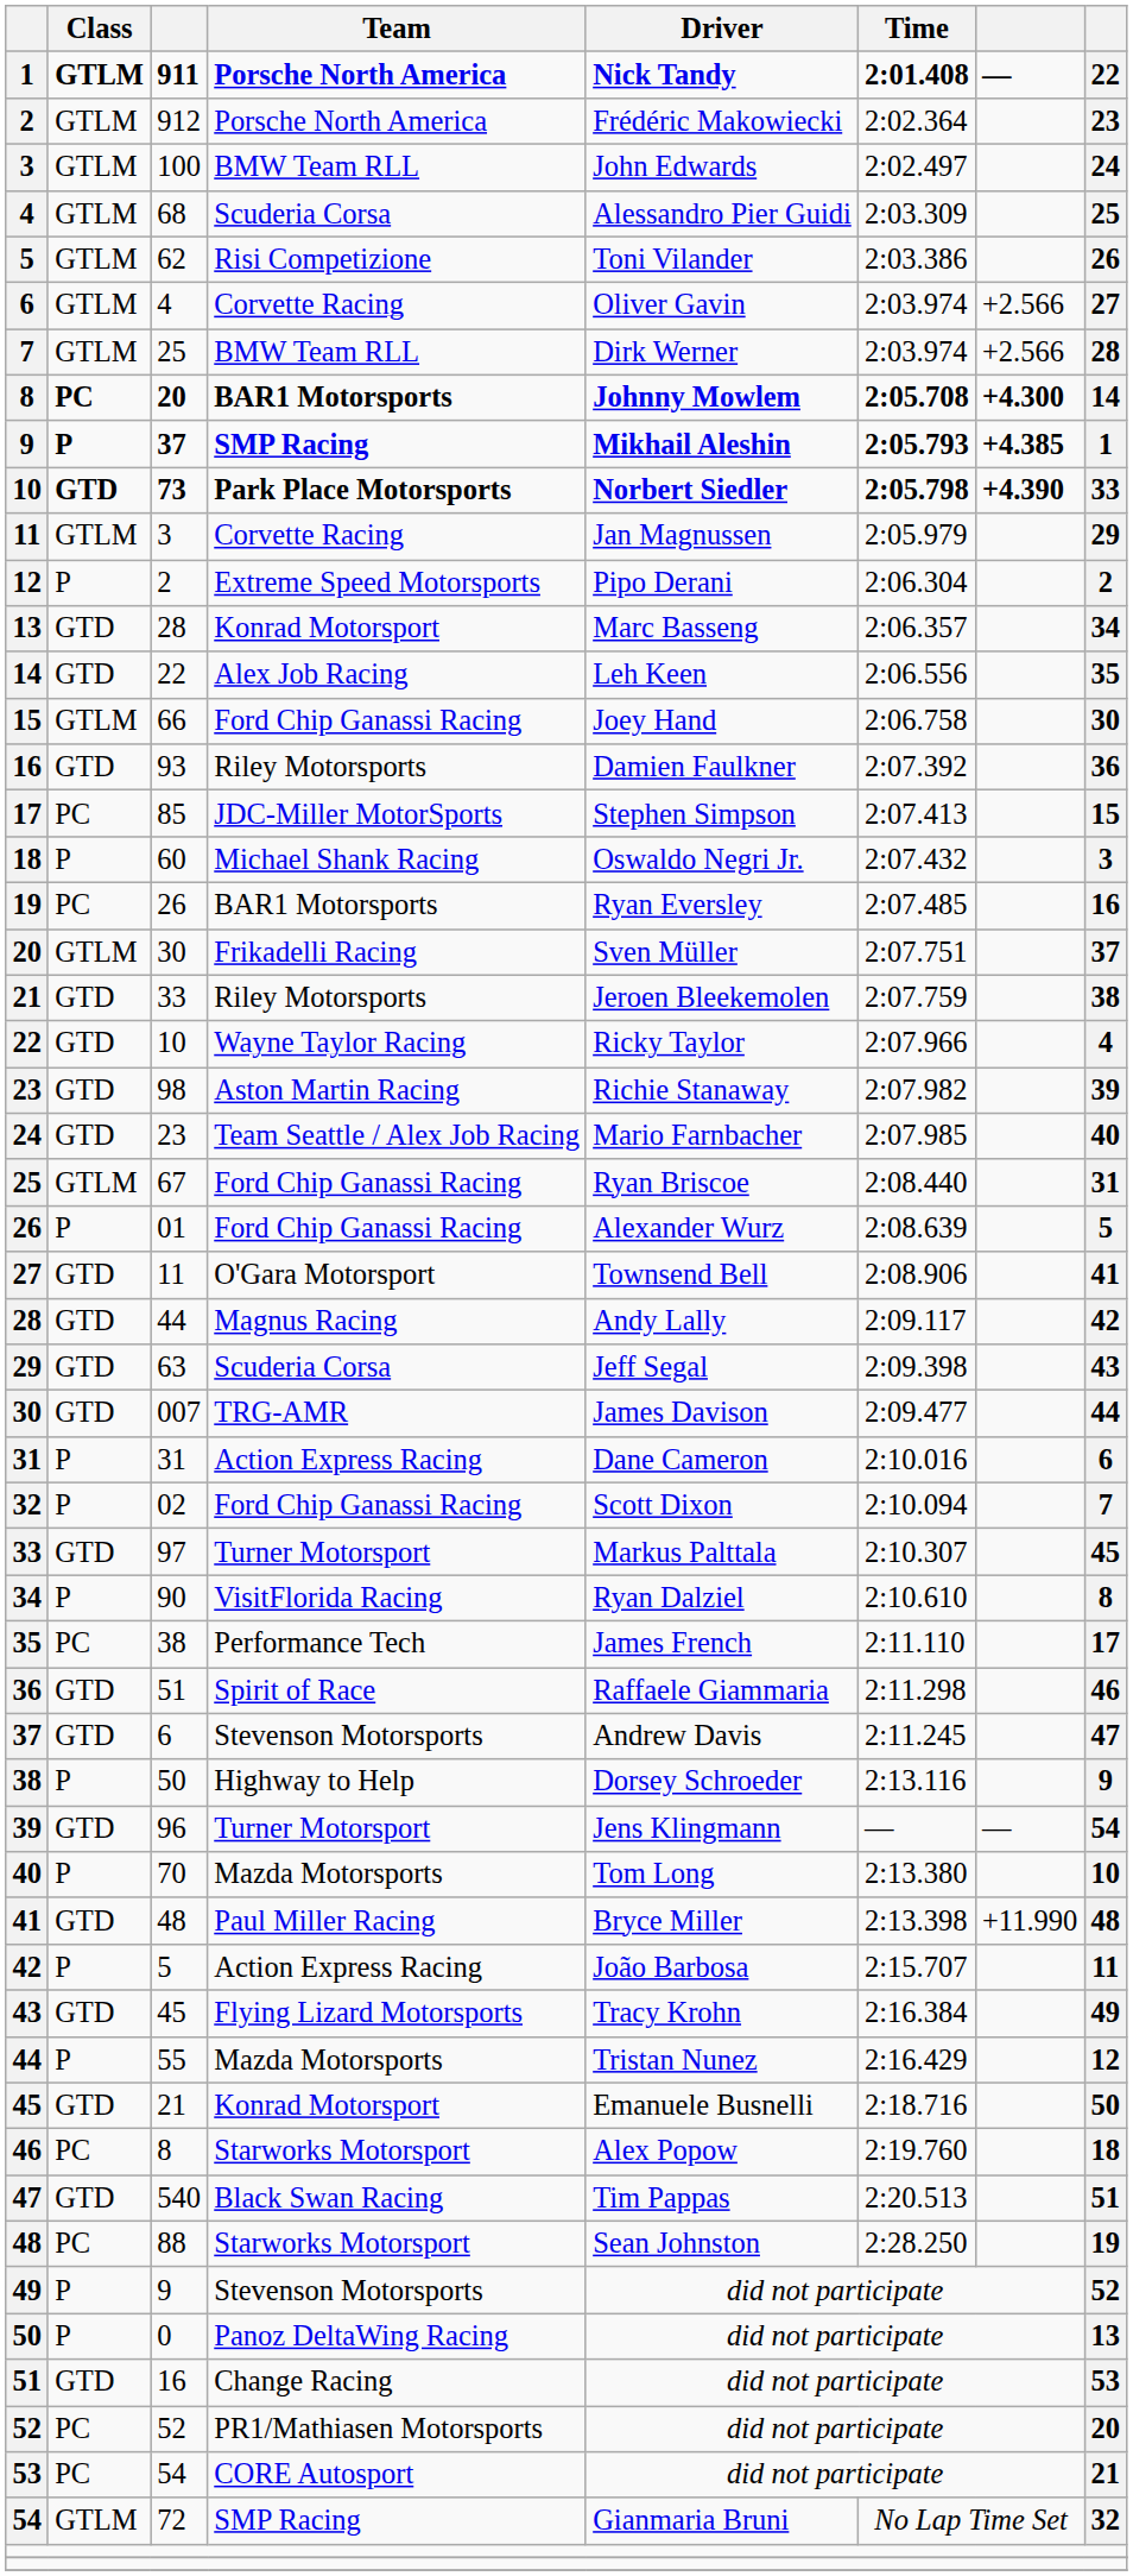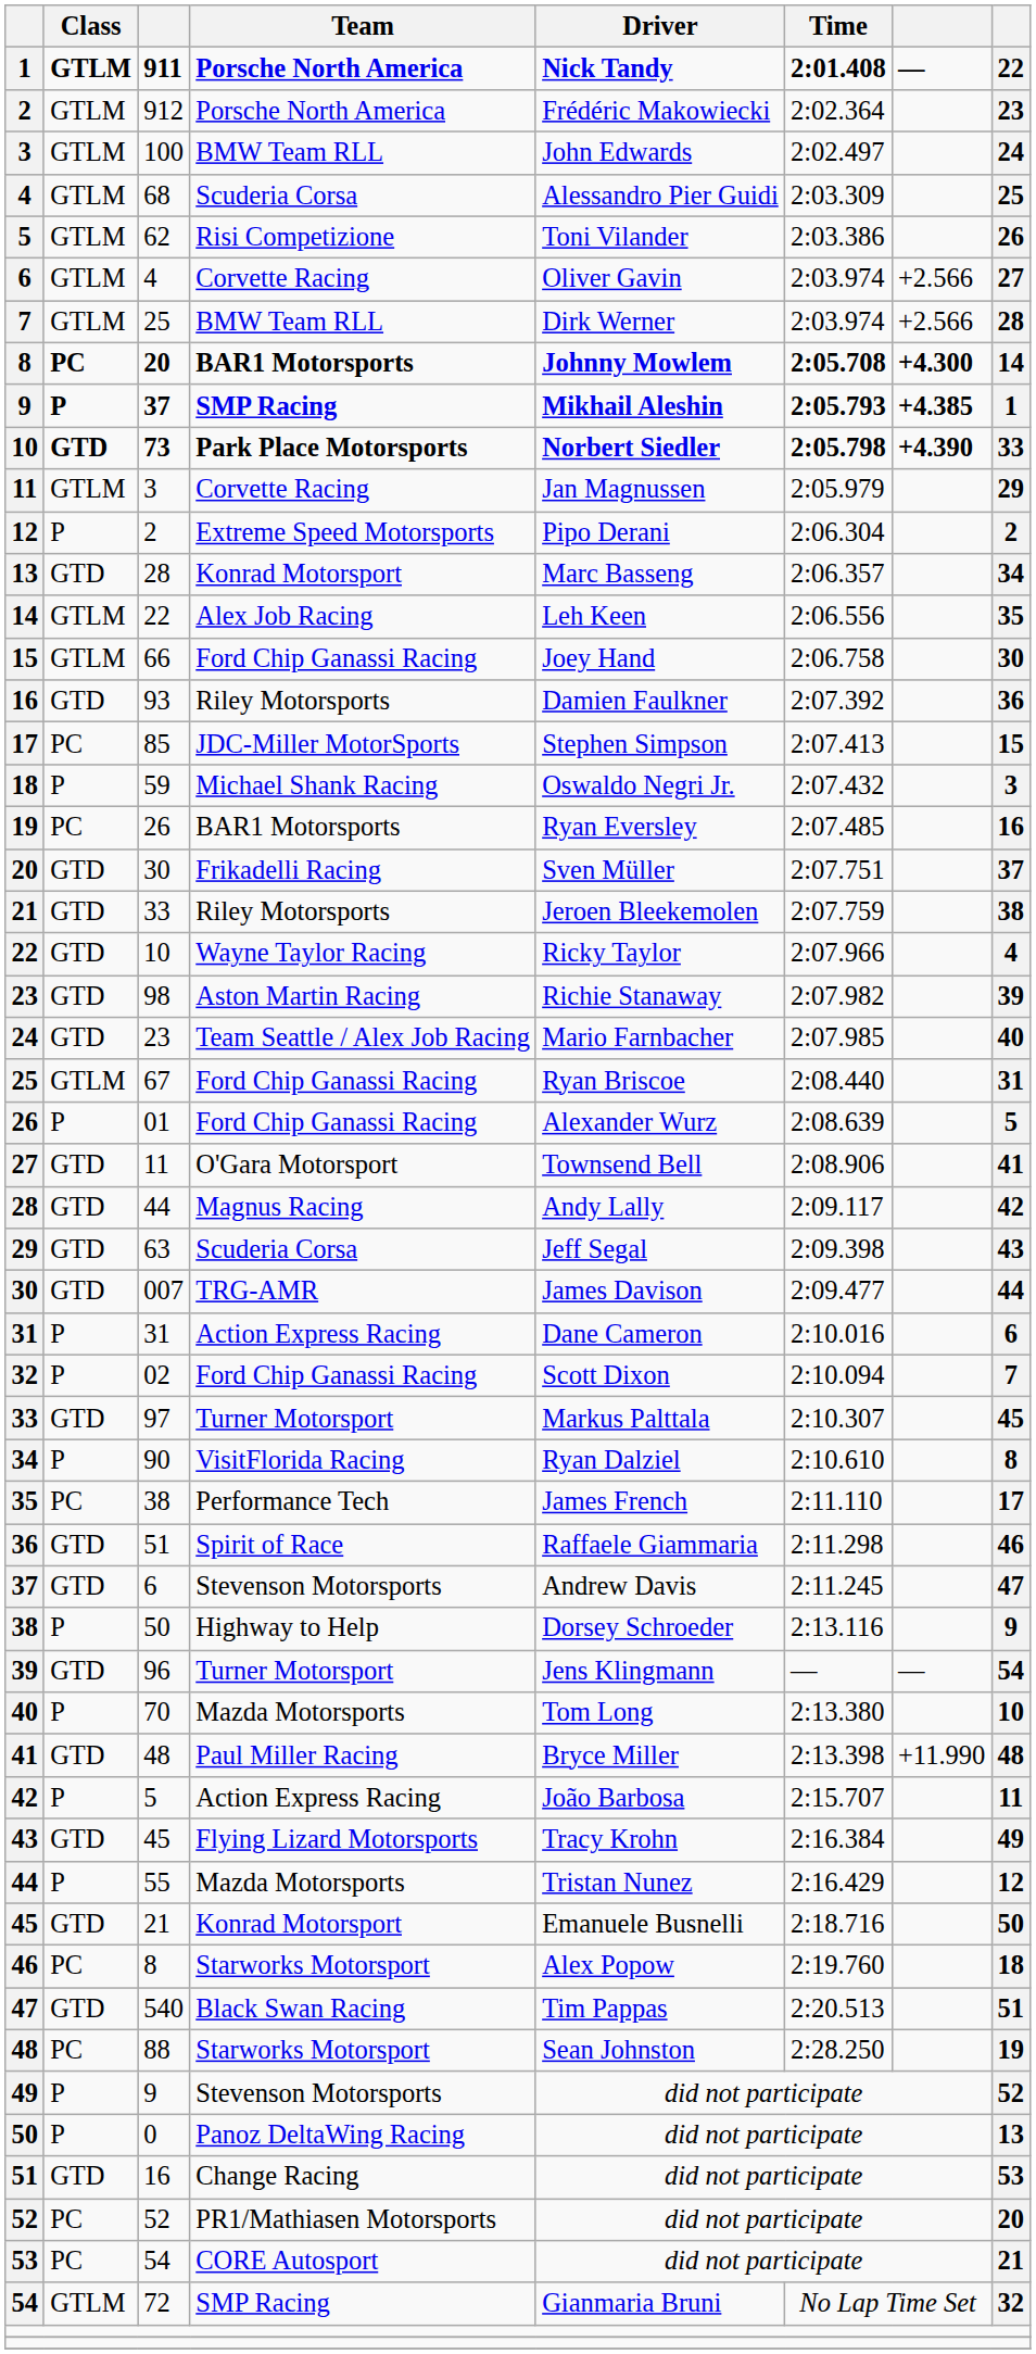 <table class="wikitable" ">
 <tr>
 <th scope="col"></th>
 <th scope="col">Class</th>
 <th scope="col"></th>
 <th scope="col">Team</th>
 <th scope="col">Driver</th>
 <th scope="col">Time</th>
 <th scope="col"></th>
 <th scope="col"></th>
 </tr>
 <tr>
 <th scope="row"><strong>1</strong></th>
 <td><strong>GTLM</strong></td>
 <td><strong>911</strong></td>
 <td><a href='#'><strong>Porsche North America</strong></a></td>
 <td><strong><a href='#'>Nick Tandy</a></strong></td>
 <td><strong>2:01.408</strong></td>
 <td><strong>—</strong></td>
 <th><strong>22</strong></th>
 </tr>
 <tr>
 <th scope="row">2</th>
 <td>GTLM</td>
 <td>912</td>
 <td><a href='#'>Porsche North America</a></td>
 <td><a href='#'>Frédéric Makowiecki</a></td>
 <td>2:02.364</td>
 <td></td>
 <th>23</th>
 </tr>
 <tr>
 <th scope="row">3</th>
 <td>GTLM</td>
 <td>100</td>
 <td><a href='#'>BMW Team RLL</a></td>
 <td><a href='#'>John Edwards</a></td>
 <td>2:02.497</td>
 <td></td>
 <th>24</th>
 </tr>
 <tr>
 <th scope="row">4</th>
 <td>GTLM</td>
 <td>68</td>
 <td><a href='#'>Scuderia Corsa</a></td>
 <td><a href='#'>Alessandro Pier Guidi</a></td>
 <td>2:03.309</td>
 <td></td>
 <th>25</th>
 </tr>
 <tr>
 <th scope="row">5</th>
 <td>GTLM</td>
 <td>62</td>
 <td><a href='#'>Risi Competizione</a></td>
 <td><a href='#'>Toni Vilander</a></td>
 <td>2:03.386</td>
 <td></td>
 <th>26</th>
 </tr>
 <tr>
 <th scope="row">6</th>
 <td>GTLM</td>
 <td>4</td>
 <td><a href='#'>Corvette Racing</a></td>
 <td><a href='#'>Oliver Gavin</a></td>
 <td>2:03.974</td>
 <td>+2.566</td>
 <th>27</th>
 </tr>
 <tr>
 <th scope="row">7</th>
 <td>GTLM</td>
 <td>25</td>
 <td><a href='#'>BMW Team RLL</a></td>
 <td><a href='#'>Dirk Werner</a></td>
 <td>2:03.974</td>
 <td>+2.566</td>
 <th>28</th>
 </tr>
 <tr>
 <th scope="row"><strong>8</strong></th>
 <td><strong>PC</strong></td>
 <td><strong>20</strong></td>
 <td><strong>BAR1 Motorsports</strong></td>
 <td><strong><a href='#'>Johnny Mowlem</a></strong></td>
 <td><strong>2:05.708</strong></td>
 <td><strong>+4.300</strong></td>
 <th><strong>14</strong></th>
 </tr>
 <tr>
 <th scope="row"><strong>9</strong></th>
 <td><strong>P</strong></td>
 <td><strong>37</strong></td>
 <td><strong><a href='#'>SMP Racing</a></strong></td>
 <td><strong><a href='#'>Mikhail Aleshin</a></strong></td>
 <td><strong>2:05.793</strong></td>
 <td><strong>+4.385</strong></td>
 <th><strong>1</strong></th>
 </tr>
 <tr>
 <th scope="row"><strong>10</strong></th>
 <td><strong>GTD</strong></td>
 <td><strong>73</strong></td>
 <td><strong>Park Place Motorsports</strong></td>
 <td><strong><a href='#'>Norbert Siedler</a></strong></td>
 <td><strong>2:05.798</strong></td>
 <td><strong>+4.390</strong></td>
 <th><strong>33</strong></th>
 </tr>
 <tr>
 <th scope="row">11</th>
 <td>GTLM</td>
 <td>3</td>
 <td><a href='#'>Corvette Racing</a></td>
 <td><a href='#'>Jan Magnussen</a></td>
 <td>2:05.979</td>
 <td></td>
 <th>29</th>
 </tr>
 <tr>
 <th scope="row">12</th>
 <td>P</td>
 <td>2</td>
 <td><a href='#'>Extreme Speed Motorsports</a></td>
 <td><a href='#'>Pipo Derani</a></td>
 <td>2:06.304</td>
 <td></td>
 <th>2</th>
 </tr>
 <tr>
 <th scope="row">13</th>
 <td>GTD</td>
 <td>28</td>
 <td><a href='#'>Konrad Motorsport</a></td>
 <td><a href='#'>Marc Basseng</a></td>
 <td>2:06.357</td>
 <td></td>
 <th>34</th>
 </tr>
 <tr>
 <th scope="row">14</th>
-<td>GTD</td>
+<td>GTLM</td>
 <td>22</td>
 <td><a href='#'>Alex Job Racing</a></td>
 <td><a href='#'>Leh Keen</a></td>
 <td>2:06.556</td>
 <td></td>
 <th>35</th>
 </tr>
 <tr>
 <th scope="row">15</th>
 <td>GTLM</td>
 <td>66</td>
 <td><a href='#'>Ford Chip Ganassi Racing</a></td>
 <td><a href='#'>Joey Hand</a></td>
 <td>2:06.758</td>
 <td></td>
 <th>30</th>
 </tr>
 <tr>
 <th scope="row">16</th>
 <td>GTD</td>
 <td>93</td>
 <td>Riley Motorsports</td>
 <td><a href='#'>Damien Faulkner</a></td>
 <td>2:07.392</td>
 <td></td>
 <th>36</th>
 </tr>
 <tr>
 <th scope="row">17</th>
 <td>PC</td>
 <td>85</td>
 <td><a href='#'>JDC-Miller MotorSports</a></td>
 <td><a href='#'>Stephen Simpson</a></td>
 <td>2:07.413</td>
 <td></td>
 <th>15</th>
 </tr>
 <tr>
 <th scope="row">18</th>
 <td>P</td>
-<td>60</td>
+<td>59</td>
 <td><a href='#'>Michael Shank Racing</a></td>
 <td><a href='#'>Oswaldo Negri Jr.</a></td>
 <td>2:07.432</td>
 <td></td>
 <th>3</th>
 </tr>
 <tr>
 <th scope="row">19</th>
 <td>PC</td>
 <td>26</td>
 <td>BAR1 Motorsports</td>
 <td><a href='#'>Ryan Eversley</a></td>
 <td>2:07.485</td>
 <td></td>
 <th>16</th>
 </tr>
 <tr>
 <th scope="row">20</th>
-<td>GTLM</td>
+<td>GTD</td>
 <td>30</td>
 <td><a href='#'>Frikadelli Racing</a></td>
 <td><a href='#'>Sven Müller</a></td>
 <td>2:07.751</td>
 <td></td>
 <th>37</th>
 </tr>
 <tr>
 <th scope="row">21</th>
 <td>GTD</td>
 <td>33</td>
 <td>Riley Motorsports</td>
 <td><a href='#'>Jeroen Bleekemolen</a></td>
 <td>2:07.759</td>
 <td></td>
 <th>38</th>
 </tr>
 <tr>
 <th scope="row">22</th>
 <td>GTD</td>
 <td>10</td>
 <td><a href='#'>Wayne Taylor Racing</a></td>
 <td><a href='#'>Ricky Taylor</a></td>
 <td>2:07.966</td>
 <td></td>
 <th>4</th>
 </tr>
 <tr>
 <th scope="row">23</th>
 <td>GTD</td>
 <td>98</td>
 <td><a href='#'>Aston Martin Racing</a></td>
 <td><a href='#'>Richie Stanaway</a></td>
 <td>2:07.982</td>
 <td></td>
 <th>39</th>
 </tr>
 <tr>
 <th scope="row">24</th>
 <td>GTD</td>
 <td>23</td>
 <td><a href='#'>Team Seattle / Alex Job Racing</a></td>
 <td><a href='#'>Mario Farnbacher</a></td>
 <td>2:07.985</td>
 <td></td>
 <th>40</th>
 </tr>
 <tr>
 <th scope="row">25</th>
 <td>GTLM</td>
 <td>67</td>
 <td><a href='#'>Ford Chip Ganassi Racing</a></td>
 <td><a href='#'>Ryan Briscoe</a></td>
 <td>2:08.440</td>
 <td></td>
 <th>31</th>
 </tr>
 <tr>
 <th scope="row">26</th>
 <td>P</td>
 <td>01</td>
 <td><a href='#'>Ford Chip Ganassi Racing</a></td>
 <td><a href='#'>Alexander Wurz</a></td>
 <td>2:08.639</td>
 <td></td>
 <th>5</th>
 </tr>
 <tr>
 <th scope="row">27</th>
 <td>GTD</td>
 <td>11</td>
 <td>O'Gara Motorsport</td>
 <td><a href='#'>Townsend Bell</a></td>
 <td>2:08.906</td>
 <td></td>
 <th>41</th>
 </tr>
 <tr>
 <th scope="row">28</th>
 <td>GTD</td>
 <td>44</td>
 <td><a href='#'>Magnus Racing</a></td>
 <td><a href='#'>Andy Lally</a></td>
 <td>2:09.117</td>
 <td></td>
 <th>42</th>
 </tr>
 <tr>
 <th scope="row">29</th>
 <td>GTD</td>
 <td>63</td>
 <td><a href='#'>Scuderia Corsa</a></td>
 <td><a href='#'>Jeff Segal</a></td>
 <td>2:09.398</td>
 <td></td>
 <th>43</th>
 </tr>
 <tr>
 <th scope="row">30</th>
 <td>GTD</td>
 <td>007</td>
 <td><a href='#'>TRG-AMR</a></td>
 <td><a href='#'>James Davison</a></td>
 <td>2:09.477</td>
 <td></td>
 <th>44</th>
 </tr>
 <tr>
 <th scope="row">31</th>
 <td>P</td>
 <td>31</td>
 <td><a href='#'>Action Express Racing</a></td>
 <td><a href='#'>Dane Cameron</a></td>
 <td>2:10.016</td>
 <td></td>
 <th>6</th>
 </tr>
 <tr>
 <th scope="row">32</th>
 <td>P</td>
 <td>02</td>
 <td><a href='#'>Ford Chip Ganassi Racing</a></td>
 <td><a href='#'>Scott Dixon</a></td>
 <td>2:10.094</td>
 <td></td>
 <th>7</th>
 </tr>
 <tr>
 <th scope="row">33</th>
 <td>GTD</td>
 <td>97</td>
 <td><a href='#'>Turner Motorsport</a></td>
 <td><a href='#'>Markus Palttala</a></td>
 <td>2:10.307</td>
 <td></td>
 <th>45</th>
 </tr>
 <tr>
 <th scope="row">34</th>
 <td>P</td>
 <td>90</td>
 <td><a href='#'>VisitFlorida Racing</a></td>
 <td><a href='#'>Ryan Dalziel</a></td>
 <td>2:10.610</td>
 <td></td>
 <th>8</th>
 </tr>
 <tr>
 <th scope="row">35</th>
 <td>PC</td>
 <td>38</td>
 <td>Performance Tech</td>
 <td><a href='#'>James French</a></td>
 <td>2:11.110</td>
 <td></td>
 <th>17</th>
 </tr>
 <tr>
 <th scope="row">36</th>
 <td>GTD</td>
 <td>51</td>
 <td><a href='#'>Spirit of Race</a></td>
 <td><a href='#'>Raffaele Giammaria</a></td>
 <td>2:11.298</td>
 <td></td>
 <th>46</th>
 </tr>
 <tr>
 <th scope="row">37</th>
 <td>GTD</td>
 <td>6</td>
 <td>Stevenson Motorsports</td>
 <td>Andrew Davis</td>
 <td>2:11.245</td>
 <td></td>
 <th>47</th>
 </tr>
 <tr>
 <th scope="row">38</th>
 <td>P</td>
 <td>50</td>
 <td>Highway to Help</td>
 <td><a href='#'>Dorsey Schroeder</a></td>
 <td>2:13.116</td>
 <td></td>
 <th>9</th>
 </tr>
 <tr>
 <th scope="row">39</th>
 <td>GTD</td>
 <td>96</td>
 <td><a href='#'>Turner Motorsport</a></td>
 <td><a href='#'>Jens Klingmann</a></td>
 <td>—</td>
 <td>—</td>
 <th>54</th>
 </tr>
 <tr>
 <th scope="row">40</th>
 <td>P</td>
 <td>70</td>
 <td>Mazda Motorsports</td>
 <td><a href='#'>Tom Long</a></td>
 <td>2:13.380</td>
 <td></td>
 <th>10</th>
 </tr>
 <tr>
 <th scope="row">41</th>
 <td>GTD</td>
 <td>48</td>
 <td><a href='#'>Paul Miller Racing</a></td>
 <td><a href='#'>Bryce Miller</a></td>
 <td>2:13.398</td>
 <td>+11.990</td>
 <th>48</th>
 </tr>
 <tr>
 <th scope="row">42</th>
 <td>P</td>
 <td>5</td>
 <td>Action Express Racing</td>
 <td><a href='#'>João Barbosa</a></td>
 <td>2:15.707</td>
 <td></td>
 <th>11</th>
 </tr>
 <tr>
 <th scope="row">43</th>
 <td>GTD</td>
 <td>45</td>
 <td><a href='#'>Flying Lizard Motorsports</a></td>
 <td><a href='#'>Tracy Krohn</a></td>
 <td>2:16.384</td>
 <td></td>
 <th>49</th>
 </tr>
 <tr>
 <th scope="row">44</th>
 <td>P</td>
 <td>55</td>
 <td>Mazda Motorsports</td>
 <td><a href='#'>Tristan Nunez</a></td>
 <td>2:16.429</td>
 <td></td>
 <th>12</th>
 </tr>
 <tr>
 <th scope="row">45</th>
 <td>GTD</td>
 <td>21</td>
 <td><a href='#'>Konrad Motorsport</a></td>
 <td>Emanuele Busnelli</td>
 <td>2:18.716</td>
 <td></td>
 <th>50</th>
 </tr>
 <tr>
 <th scope="row">46</th>
 <td>PC</td>
 <td>8</td>
 <td><a href='#'>Starworks Motorsport</a></td>
 <td><a href='#'>Alex Popow</a></td>
 <td>2:19.760</td>
 <td></td>
 <th>18</th>
 </tr>
 <tr>
 <th scope="row">47</th>
 <td>GTD</td>
 <td>540</td>
 <td><a href='#'>Black Swan Racing</a></td>
 <td><a href='#'>Tim Pappas</a></td>
 <td>2:20.513</td>
 <td></td>
 <th>51</th>
 </tr>
 <tr>
 <th scope="row">48</th>
 <td>PC</td>
 <td>88</td>
 <td><a href='#'>Starworks Motorsport</a></td>
 <td><a href='#'>Sean Johnston</a></td>
 <td>2:28.250</td>
 <td></td>
 <th>19</th>
 </tr>
 <tr>
 <th scope="row">49</th>
 <td>P</td>
 <td>9</td>
 <td>Stevenson Motorsports</td>
 <td colspan=3 align=center><em>did not participate</em></td>
 <th>52</th>
 </tr>
 <tr>
 <th scope="row">50</th>
 <td>P</td>
 <td>0</td>
 <td><a href='#'>Panoz DeltaWing Racing</a></td>
 <td colspan=3 align=center><em>did not participate</em></td>
 <th>13</th>
 </tr>
 <tr>
 <th scope="row">51</th>
 <td>GTD</td>
 <td>16</td>
 <td>Change Racing</td>
 <td colspan=3 align=center><em>did not participate</em></td>
 <th>53</th>
 </tr>
 <tr>
 <th scope="row">52</th>
 <td>PC</td>
 <td>52</td>
 <td>PR1/Mathiasen Motorsports</td>
 <td colspan=3 align=center><em>did not participate</em></td>
 <th>20</th>
 </tr>
 <tr>
 <th scope="row">53</th>
 <td>PC</td>
 <td>54</td>
 <td><a href='#'>CORE Autosport</a></td>
 <td colspan=3 align=center><em>did not participate</em></td>
 <th>21</th>
 </tr>
 <tr>
 <th scope="row">54</th>
 <td>GTLM</td>
 <td>72</td>
 <td><a href='#'>SMP Racing</a></td>
 <td><a href='#'>Gianmaria Bruni</a></td>
 <td colspan=2 align=center><em>No Lap Time Set</em></td>
 <th>32</th>
 </tr>
 <tr class="sortbottom">
 <td colspan="19"></td>
 </tr>
 <tr>
 </tr>
 <tr class="sortbottom">
 <td colspan="10"></td>
 </tr>
 <tr>
 </tr>
 </table>
